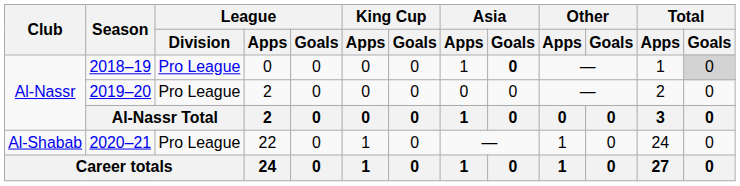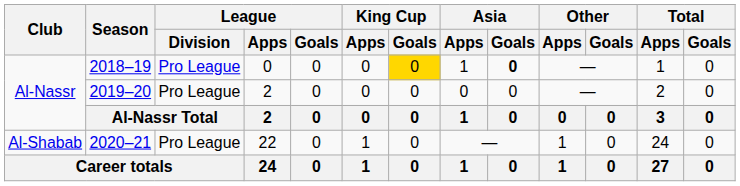 <table class="wikitable" style="text-align: center">
 <tr>
 <th rowspan=2>Club</th>
 <th rowspan=2>Season</th>
 <th colspan=3>League</th>
 <th colspan=2>King Cup</th>
 <th colspan=2>Asia</th>
 <th colspan=2>Other</th>
 <th colspan=2>Total</th>
 </tr>
 <tr>
 <th>Division</th>
 <th>Apps</th>
 <th>Goals</th>
 <th>Apps</th>
 <th>Goals</th>
 <th>Apps</th>
 <th>Goals</th>
 <th>Apps</th>
 <th>Goals</th>
 <th>Apps</th>
 <th>Goals</th>
 </tr>
 <tr>
 <td rowspan=3><a href='#'>Al-Nassr</a></td>
 <td><a href='#'>2018–19</a></td>
 <td><a href='#'>Pro League</a></td>
 <td>0</td>
 <td>0</td>
 <td>0</td>
-<td>0</td>
+<td style="background: gold;">0</td>
 <td>1</td>
 <td><strong>0</strong></td>
 <td colspan=2>—</td>
 <td>1</td>
-<td style="background: lightgrey;">0</td>
+<td>0</td>
 </tr>
 <tr>
 <td><a href='#'>2019–20</a></td>
 <td>Pro League</td>
 <td>2</td>
 <td>0</td>
 <td>0</td>
 <td>0</td>
 <td>0</td>
 <td>0</td>
 <td colspan=2>—</td>
 <td>2</td>
 <td>0</td>
 </tr>
 <tr>
 <th colspan="2">Al-Nassr Total</th>
 <th>2</th>
 <th>0</th>
 <th>0</th>
 <th>0</th>
 <th>1</th>
 <th>0</th>
 <th>0</th>
 <th>0</th>
 <th>3</th>
 <th>0</th>
 </tr>
 <tr>
 <td rowspan=1><a href='#'>Al-Shabab</a></td>
 <td><a href='#'>2020–21</a></td>
 <td>Pro League</td>
 <td>22</td>
 <td>0</td>
 <td>1</td>
 <td>0</td>
 <td colspan=2>—</td>
 <td>1</td>
 <td>0</td>
 <td>24</td>
 <td>0</td>
 </tr>
 <tr>
 <th colspan=3>Career totals</th>
 <th>24</th>
 <th>0</th>
 <th>1</th>
 <th>0</th>
 <th>1</th>
 <th>0</th>
 <th>1</th>
 <th>0</th>
 <th>27</th>
 <th>0</th>
 </tr>
 </table>
